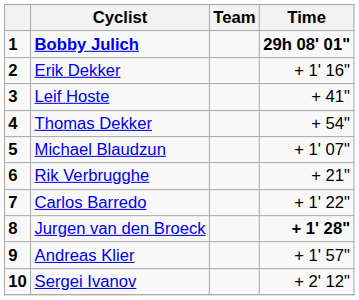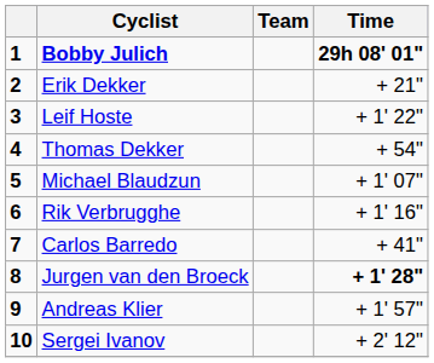 <table class="wikitable">
 <tr style="background:#ccccff;">
 <th></th>
 <th>Cyclist</th>
 <th>Team</th>
 <th>Time</th>
 </tr>
 <tr>
 <td><strong>1</strong></td>
 <td><strong><a href='#'>Bobby Julich</a></strong></td>
 <td><strong></strong></td>
 <td align="right"><strong>29h 08' 01"</strong></td>
 </tr>
 <tr>
 <td><strong>2</strong></td>
 <td><a href='#'>Erik Dekker</a></td>
 <td></td>
-<td align="right">+ 1' 16"</td>
+<td align="right">+ 21"</td>
 </tr>
 <tr>
 <td><strong>3</strong></td>
 <td><a href='#'>Leif Hoste</a></td>
 <td></td>
-<td align="right">+ 41"</td>
+<td align="right">+ 1' 22"</td>
 </tr>
 <tr>
 <td><strong>4</strong></td>
 <td><a href='#'>Thomas Dekker</a></td>
 <td></td>
 <td align="right">+ 54"</td>
 </tr>
 <tr>
 <td><strong>5</strong></td>
 <td><a href='#'>Michael Blaudzun</a></td>
 <td></td>
 <td align="right">+ 1' 07"</td>
 </tr>
 <tr>
 <td><strong>6</strong></td>
 <td><a href='#'>Rik Verbrugghe</a></td>
 <td></td>
-<td align="right">+ 21"</td>
+<td align="right">+ 1' 16"</td>
 </tr>
 <tr>
 <td><strong>7</strong></td>
 <td><a href='#'>Carlos Barredo</a></td>
 <td></td>
-<td align="right">+ 1' 22"</td>
+<td align="right">+ 41"</td>
 </tr>
 <tr>
 <td><strong>8</strong></td>
 <td><a href='#'>Jurgen van den Broeck</a></td>
 <td></td>
 <td align="right"><strong>+ 1' 28"</strong></td>
 </tr>
 <tr>
 <td><strong>9</strong></td>
 <td><a href='#'>Andreas Klier</a></td>
 <td></td>
 <td align="right">+ 1' 57"</td>
 </tr>
 <tr>
 <td><strong>10</strong></td>
 <td><a href='#'>Sergei Ivanov</a></td>
 <td></td>
 <td align="right">+ 2' 12"</td>
 </tr>
 <tr>
 </tr>
 </table>
